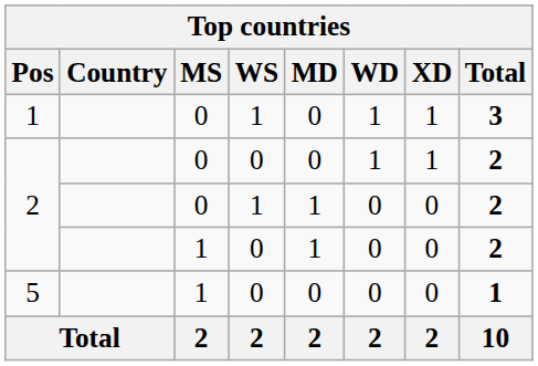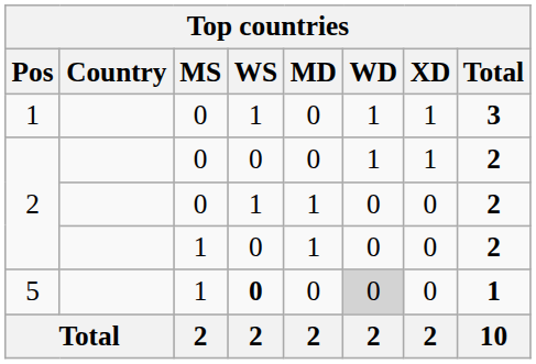 <table class="wikitable" style="text-align:center">
 <tr>
 <th colspan="10">Top countries</th>
 </tr>
 <tr>
 <th>Pos</th>
 <th>Country</th>
 <th>MS</th>
 <th>WS</th>
 <th>MD</th>
 <th>WD</th>
 <th>XD</th>
 <th>Total</th>
 </tr>
 <tr>
 <td>1</td>
 <td align="left"></td>
 <td>0</td>
 <td>1</td>
 <td>0</td>
 <td>1</td>
 <td>1</td>
 <td><strong>3</strong></td>
 </tr>
 <tr>
 <td rowspan="3">2</td>
 <td align="left"></td>
 <td>0</td>
 <td>0</td>
 <td>0</td>
 <td>1</td>
 <td>1</td>
 <td><strong>2</strong></td>
 </tr>
 <tr>
 <td align="left"></td>
 <td>0</td>
 <td>1</td>
 <td>1</td>
 <td>0</td>
 <td>0</td>
 <td><strong>2</strong></td>
 </tr>
 <tr>
 <td align="left"></td>
 <td>1</td>
 <td>0</td>
 <td>1</td>
 <td>0</td>
 <td>0</td>
 <td><strong>2</strong></td>
 </tr>
 <tr>
 <td>5</td>
 <td align="left"></td>
 <td>1</td>
+<td><strong>0</strong></td>
 <td>0</td>
-<td>0</td>
-<td>0</td>
+<td style="background: lightgrey;">0</td>
 <td>0</td>
 <td><strong>1</strong></td>
 </tr>
 <tr>
 <th colspan="2">Total</th>
 <th>2</th>
 <th>2</th>
 <th>2</th>
 <th>2</th>
 <th>2</th>
 <th>10</th>
 </tr>
 </table>
